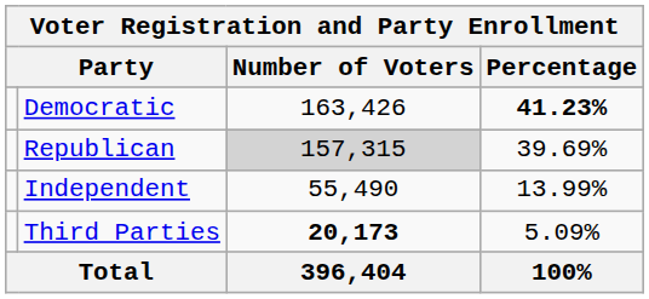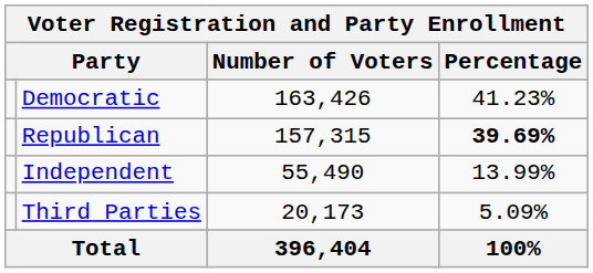 <table class="wikitable">
 <tr>
 <th colspan="6">Voter Registration and Party Enrollment</th>
 </tr>
 <tr>
 <th colspan="2">Party</th>
 <th>Number of Voters</th>
 <th>Percentage</th>
 </tr>
 <tr>
 <td></td>
 <td><a href='#'>Democratic</a></td>
 <td align="center">163,426</td>
-<td align="center"><strong>41.23%</strong></td>
+<td align="center">41.23%</td>
 </tr>
 <tr>
 <td></td>
 <td><a href='#'>Republican</a></td>
-<td align="center" style="background: lightgrey;">157,315</td>
-<td align="center">39.69%</td>
+<td align="center">157,315</td>
+<td align="center"><strong>39.69%</strong></td>
 </tr>
 <tr>
 <td></td>
 <td><a href='#'>Independent</a></td>
 <td align="center">55,490</td>
 <td align="center">13.99%</td>
 </tr>
 <tr>
 <td></td>
 <td><a href='#'>Third Parties</a></td>
-<td align="center"><strong>20,173</strong></td>
+<td align="center">20,173</td>
 <td align="center">5.09%</td>
 </tr>
 <tr>
 <th colspan="2">Total</th>
 <th align="center">396,404</th>
 <th align="center">100%</th>
 </tr>
 </table>
